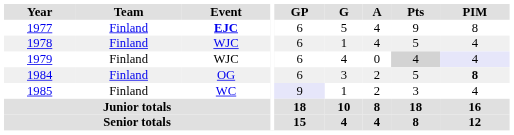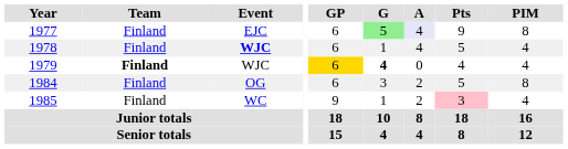 <table border="0" cellpadding="1" cellspacing="0" ID="Table3" style="text-align:center; width:40em">
 <tr bgcolor="#e0e0e0">
 <th>Year</th>
 <th>Team</th>
 <th>Event</th>
 <th rowspan="102" bgcolor="#ffffff"></th>
 <th>GP</th>
 <th>G</th>
 <th>A</th>
 <th>Pts</th>
 <th>PIM</th>
 </tr>
 <tr>
 <td><a href='#'>1977</a></td>
 <td><a href='#'>Finland</a></td>
-<td><strong><a href='#'>EJC</a></strong></td>
+<td><a href='#'>EJC</a></td>
 <td>6</td>
-<td>5</td>
-<td>4</td>
+<td style="background: lightgreen;">5</td>
+<td style="background: lavender;">4</td>
 <td>9</td>
 <td>8</td>
 </tr>
 <tr bgcolor="#f0f0f0">
 <td><a href='#'>1978</a></td>
 <td><a href='#'>Finland</a></td>
-<td><a href='#'>WJC</a></td>
+<td><strong><a href='#'>WJC</a></strong></td>
 <td>6</td>
 <td>1</td>
 <td>4</td>
 <td>5</td>
 <td>4</td>
 </tr>
 <tr>
 <td><a href='#'>1979</a></td>
-<td>Finland</td>
+<td><strong>Finland</strong></td>
 <td>WJC</td>
-<td>6</td>
+<td style="background: gold;">6</td>
+<td><strong>4</strong></td>
+<td>0</td>
 <td>4</td>
-<td>0</td>
-<td style="background: lightgrey;">4</td>
-<td style="background: lavender;">4</td>
+<td>4</td>
 </tr>
 <tr bgcolor="#f0f0f0">
 <td><a href='#'>1984</a></td>
 <td><a href='#'>Finland</a></td>
 <td><a href='#'>OG</a></td>
 <td>6</td>
 <td>3</td>
 <td>2</td>
 <td>5</td>
-<td><strong>8</strong></td>
+<td>8</td>
 </tr>
 <tr>
 <td><a href='#'>1985</a></td>
 <td>Finland</td>
 <td><a href='#'>WC</a></td>
-<td style="background: lavender;">9</td>
+<td>9</td>
 <td>1</td>
 <td>2</td>
-<td>3</td>
+<td style="background: pink;">3</td>
 <td>4</td>
 </tr>
 <tr bgcolor="#e0e0e0">
 <th colspan="3">Junior totals</th>
 <th>18</th>
 <th>10</th>
 <th>8</th>
 <th>18</th>
 <th>16</th>
 </tr>
 <tr bgcolor="#e0e0e0">
 <th colspan="3">Senior totals</th>
 <th>15</th>
 <th>4</th>
 <th>4</th>
 <th>8</th>
 <th>12</th>
 </tr>
 </table>
